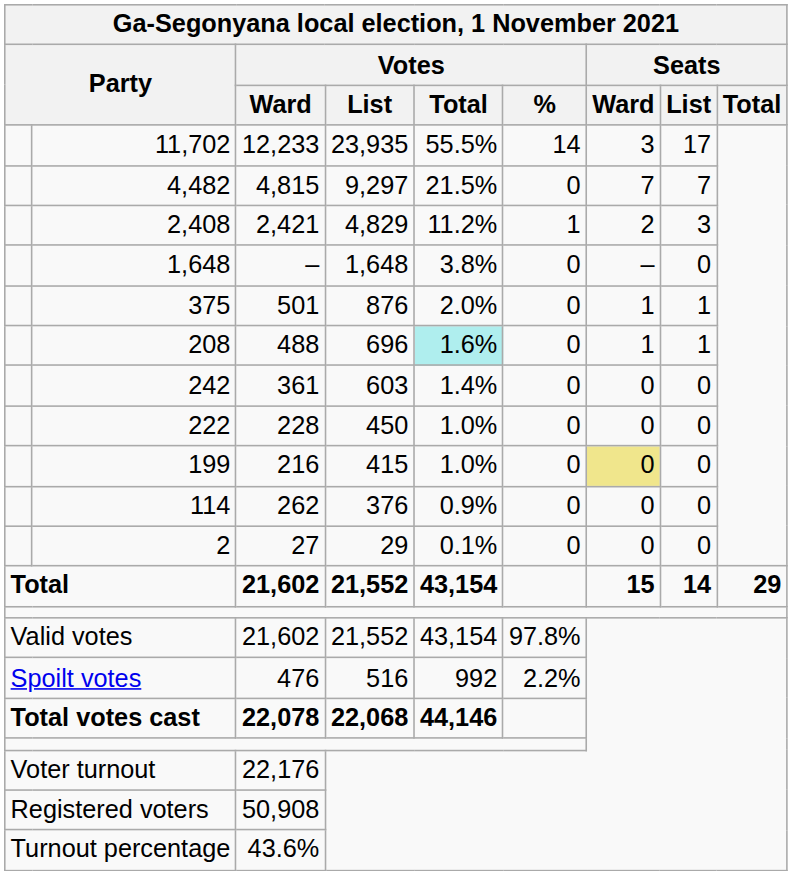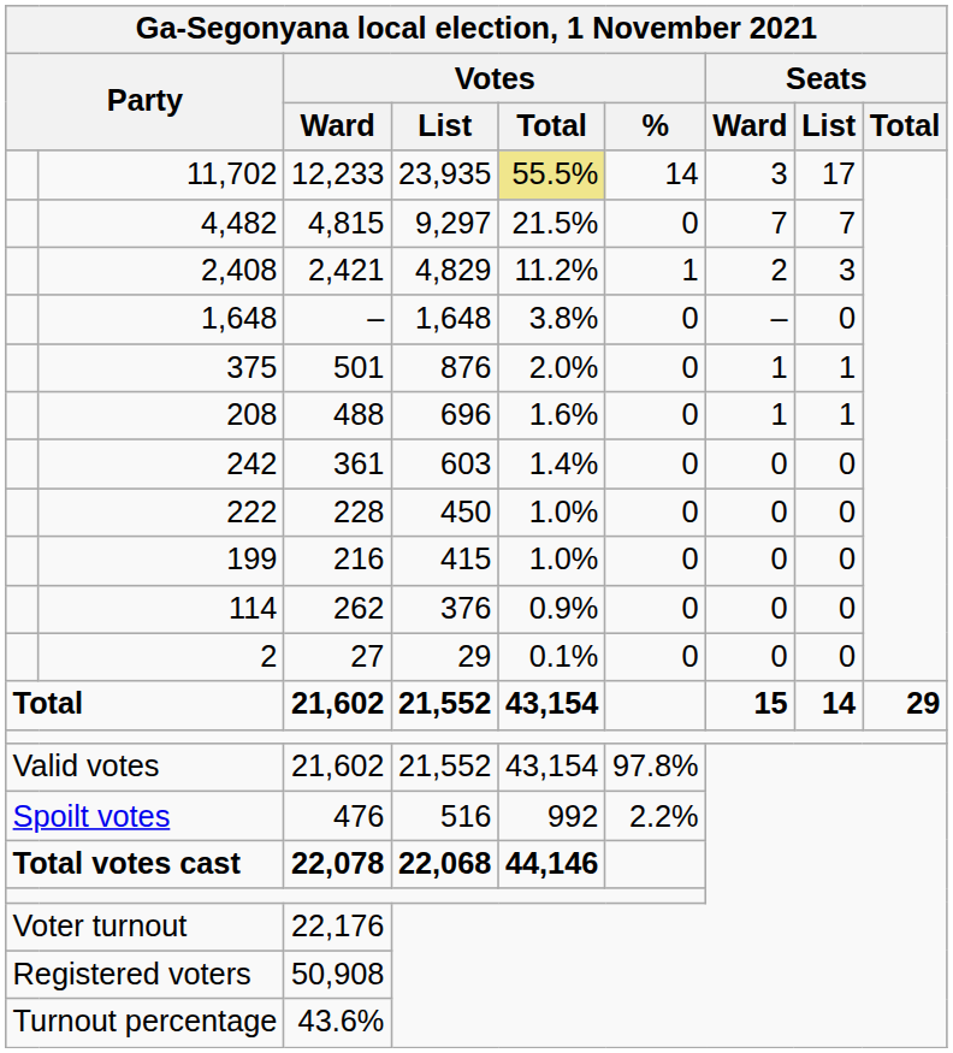 <table class=wikitable style="text-align:right">
 <tr>
 <th colspan="9" align="center">Ga-Segonyana local election, 1 November 2021</th>
 </tr>
 <tr>
 <th rowspan="2" colspan="2">Party</th>
 <th colspan="4" align="center">Votes</th>
 <th colspan="3" align="center">Seats</th>
 </tr>
 <tr>
 <th>Ward</th>
 <th>List</th>
 <th>Total</th>
 <th>%</th>
 <th>Ward</th>
 <th>List</th>
 <th>Total</th>
 </tr>
 <tr>
 <td></td>
 <td>11,702</td>
 <td>12,233</td>
 <td>23,935</td>
-<td>55.5%</td>
+<td style="background: khaki;">55.5%</td>
 <td>14</td>
 <td>3</td>
 <td>17</td>
 </tr>
 <tr>
 <td></td>
 <td>4,482</td>
 <td>4,815</td>
 <td>9,297</td>
 <td>21.5%</td>
 <td>0</td>
 <td>7</td>
 <td>7</td>
 </tr>
 <tr>
 <td></td>
 <td>2,408</td>
 <td>2,421</td>
 <td>4,829</td>
 <td>11.2%</td>
 <td>1</td>
 <td>2</td>
 <td>3</td>
 </tr>
 <tr>
 <td></td>
 <td>1,648</td>
 <td>–</td>
 <td>1,648</td>
 <td>3.8%</td>
 <td>0</td>
 <td>–</td>
 <td>0</td>
 </tr>
 <tr>
 <td></td>
 <td>375</td>
 <td>501</td>
 <td>876</td>
 <td>2.0%</td>
 <td>0</td>
 <td>1</td>
 <td>1</td>
 </tr>
 <tr>
 <td></td>
 <td>208</td>
 <td>488</td>
 <td>696</td>
-<td style="background: paleturquoise;">1.6%</td>
+<td>1.6%</td>
 <td>0</td>
 <td>1</td>
 <td>1</td>
 </tr>
 <tr>
 <td></td>
 <td>242</td>
 <td>361</td>
 <td>603</td>
 <td>1.4%</td>
 <td>0</td>
 <td>0</td>
 <td>0</td>
 </tr>
 <tr>
 <td></td>
 <td>222</td>
 <td>228</td>
 <td>450</td>
 <td>1.0%</td>
 <td>0</td>
 <td>0</td>
 <td>0</td>
 </tr>
 <tr>
 <td></td>
 <td>199</td>
 <td>216</td>
 <td>415</td>
 <td>1.0%</td>
 <td>0</td>
-<td style="background: khaki;">0</td>
+<td>0</td>
 <td>0</td>
 </tr>
 <tr>
 <td></td>
 <td>114</td>
 <td>262</td>
 <td>376</td>
 <td>0.9%</td>
 <td>0</td>
 <td>0</td>
 <td>0</td>
 </tr>
 <tr>
 <td></td>
 <td>2</td>
 <td>27</td>
 <td>29</td>
 <td>0.1%</td>
 <td>0</td>
 <td>0</td>
 <td>0</td>
 </tr>
 <tr>
 <td colspan="2" style="text-align:left"><strong>Total</strong></td>
 <td><strong>21,602</strong></td>
 <td><strong>21,552</strong></td>
 <td><strong>43,154</strong></td>
 <td></td>
 <td><strong>15</strong></td>
 <td><strong>14</strong></td>
 <td><strong>29</strong></td>
 </tr>
 <tr>
 <td colspan="9"></td>
 </tr>
 <tr>
 <td colspan="2" style="text-align:left">Valid votes</td>
 <td>21,602</td>
 <td>21,552</td>
 <td>43,154</td>
 <td>97.8%</td>
 </tr>
 <tr>
 <td colspan="2" style="text-align:left"><a href='#'>Spoilt votes</a></td>
 <td>476</td>
 <td>516</td>
 <td>992</td>
 <td>2.2%</td>
 </tr>
 <tr>
 <td colspan="2" style="text-align:left"><strong>Total votes cast</strong></td>
 <td><strong>22,078</strong></td>
 <td><strong>22,068</strong></td>
 <td><strong>44,146</strong></td>
 <td></td>
 </tr>
 <tr>
 <td colspan="6"></td>
 </tr>
 <tr>
 <td colspan="2" style="text-align:left">Voter turnout</td>
 <td>22,176</td>
 </tr>
 <tr>
 <td colspan="2" style="text-align:left">Registered voters</td>
 <td>50,908</td>
 </tr>
 <tr>
 <td colspan="2" style="text-align:left">Turnout percentage</td>
 <td>43.6%</td>
 </tr>
 </table>
